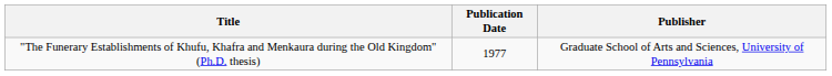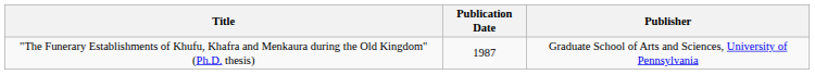 <table class="wikitable" style="text-align:center;font-size:95%" width=85%>
 <tr>
 <th>Title</th>
 <th>Publication Date</th>
 <th>Publisher</th>
 </tr>
 <tr>
 <td>"The Funerary Establishments of Khufu, Khafra and Menkaura during the Old Kingdom" (<a href='#'>Ph.D.</a> thesis)</td>
-<td>1977</td>
+<td>1987</td>
 <td>Graduate School of Arts and Sciences, <a href='#'>University of Pennsylvania</a></td>
 </tr>
 </table>
